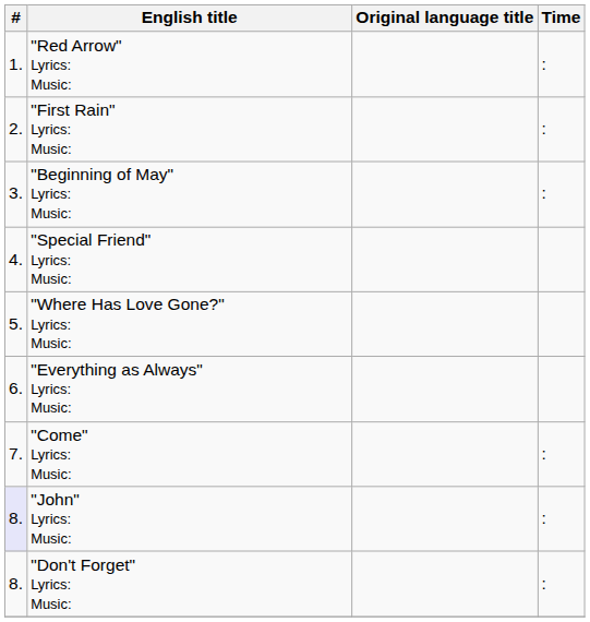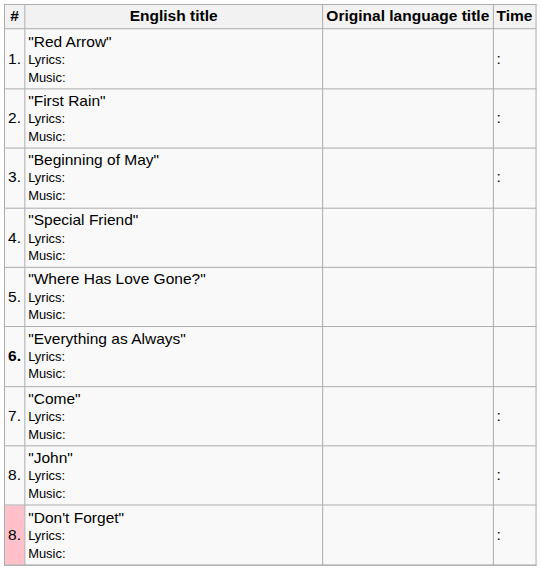 <table class="wikitable">
 <tr>
 <th>#</th>
 <th width="300">English title</th>
 <th>Original language title</th>
 <th>Time</th>
 </tr>
 <tr>
 <td>1.</td>
 <td>"Red Arrow"<br><small>Lyrics:</small> <br><small>Music:</small></td>
 <td></td>
 <td>:</td>
 </tr>
 <tr>
 <td>2.</td>
 <td>"First Rain"<br><small>Lyrics:</small> <br><small>Music:</small></td>
 <td></td>
 <td>:</td>
 </tr>
 <tr>
 <td>3.</td>
 <td>"Beginning of May"<br><small>Lyrics:</small> <br><small>Music:</small></td>
 <td></td>
 <td>:</td>
 </tr>
 <tr>
 <td>4.</td>
 <td>"Special Friend"<br><small>Lyrics:</small> <br><small>Music:</small></td>
 <td></td>
 <td></td>
 </tr>
 <tr>
 <td>5.</td>
 <td>"Where Has Love Gone?"<br><small>Lyrics:</small> <br><small>Music:</small></td>
 <td></td>
 <td></td>
 </tr>
 <tr>
-<td>6.</td>
+<td><strong>6.</strong></td>
 <td>"Everything as Always"<br><small>Lyrics:</small> <br><small>Music:</small></td>
 <td></td>
 <td></td>
 </tr>
 <tr>
 <td>7.</td>
 <td>"Come"<br><small>Lyrics:</small> <br><small>Music:</small></td>
 <td></td>
 <td>:</td>
 </tr>
 <tr>
-<td style="background: lavender;">8.</td>
+<td>8.</td>
 <td>"John"<br><small>Lyrics:</small> <br><small>Music:</small></td>
 <td></td>
 <td>:</td>
 </tr>
 <tr>
-<td>8.</td>
+<td style="background: pink;">8.</td>
 <td>"Don't Forget"<br><small>Lyrics:</small> <br><small>Music:</small></td>
 <td></td>
 <td>:</td>
 </tr>
 <tr>
 </tr>
 </table>
